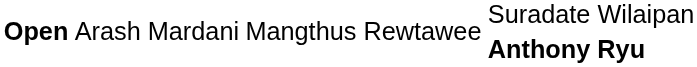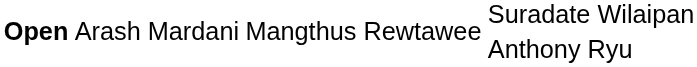 <table>
 <tr>
 <th scope=row rowspan=2>Open</th>
 <td rowspan=2> Arash Mardani</td>
 <td rowspan=2> Mangthus Rewtawee</td>
 <td> Suradate Wilaipan</td>
 </tr>
 <tr>
-<td><strong> Anthony Ryu</strong></td>
+<td> Anthony Ryu</td>
 </tr>
 <tr>
 </tr>
 </table>
